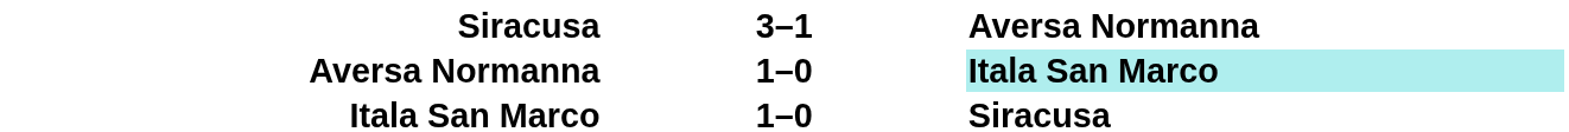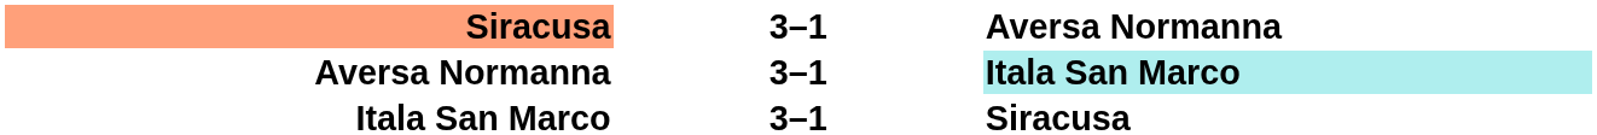 <table width="100%" cellspacing="1">
 <tr>
 <th width="20%"></th>
 <th width="12%"></th>
 <th width="20%"></th>
 <th></th>
 </tr>
 <tr style="font-size:90%;">
-<td align="right"><strong>Siracusa</strong></td>
+<td align="right" style="background: lightsalmon;"><strong>Siracusa</strong></td>
 <td align="center"><strong>3–1</strong></td>
 <td align="left"><strong>Aversa Normanna</strong></td>
 </tr>
 <tr style="font-size:90%;">
 <td align="right"><strong>Aversa Normanna</strong></td>
-<td align="center"><strong>1–0</strong></td>
+<td align="center"><strong>3–1</strong></td>
 <td align="left" style="background: paleturquoise;"><strong>Itala San Marco</strong></td>
 </tr>
 <tr style="font-size:90%;">
 <td align="right"><strong>Itala San Marco</strong></td>
-<td align="center"><strong>1–0</strong></td>
+<td align="center"><strong>3–1</strong></td>
 <td align="left"><strong>Siracusa</strong></td>
 </tr>
 </table>
